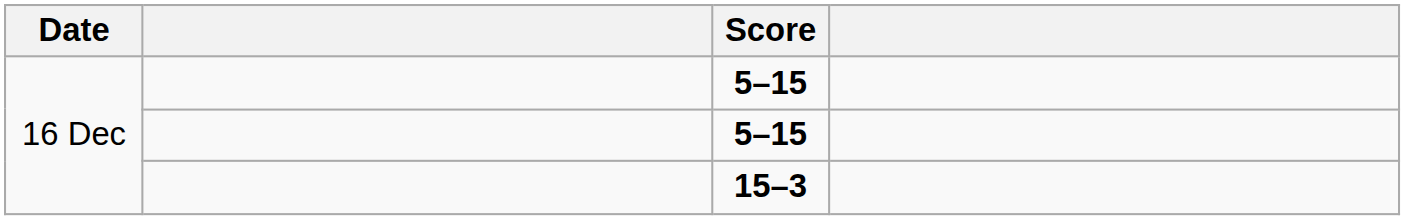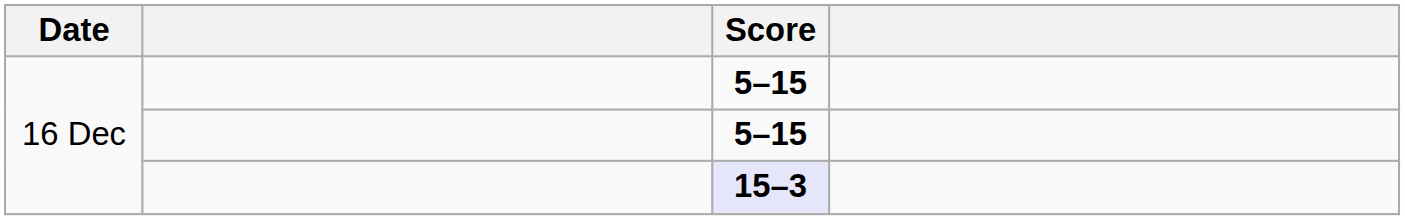 <table class="wikitable" style="text-align: center;">
 <tr>
 <th width="60">Date</th>
 <th align="right" width="270"></th>
 <th width="50">Score</th>
 <th align="left" width="270"></th>
 </tr>
 <tr>
 <td rowspan=3>16 Dec</td>
 <td align=left></td>
 <td align=center><strong>5–15</strong></td>
 <td align=left><strong></strong></td>
 </tr>
 <tr>
 <td align=left></td>
 <td align=center><strong>5–15</strong></td>
 <td align=left><strong></strong></td>
 </tr>
 <tr>
 <td align=left><strong></strong></td>
-<td align=center><strong>15–3</strong></td>
+<td align=center style="background: lavender;"><strong>15–3</strong></td>
 <td align=left></td>
 </tr>
 </table>
